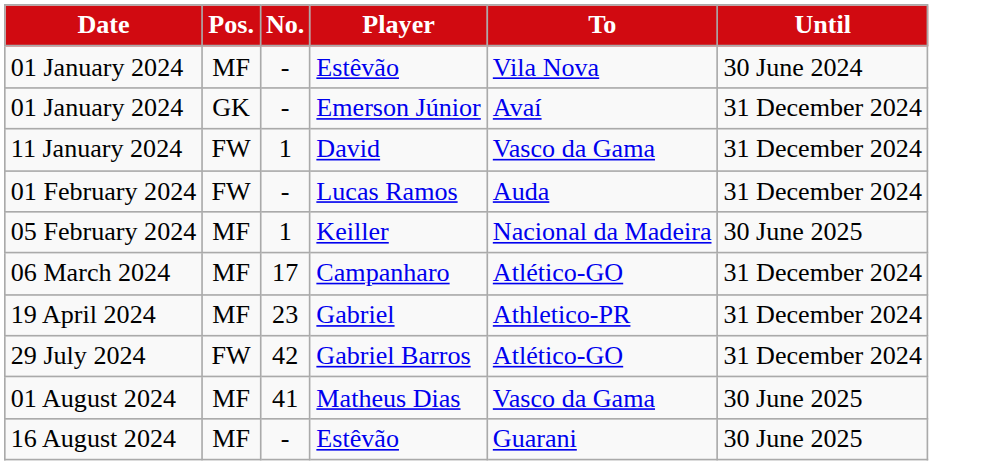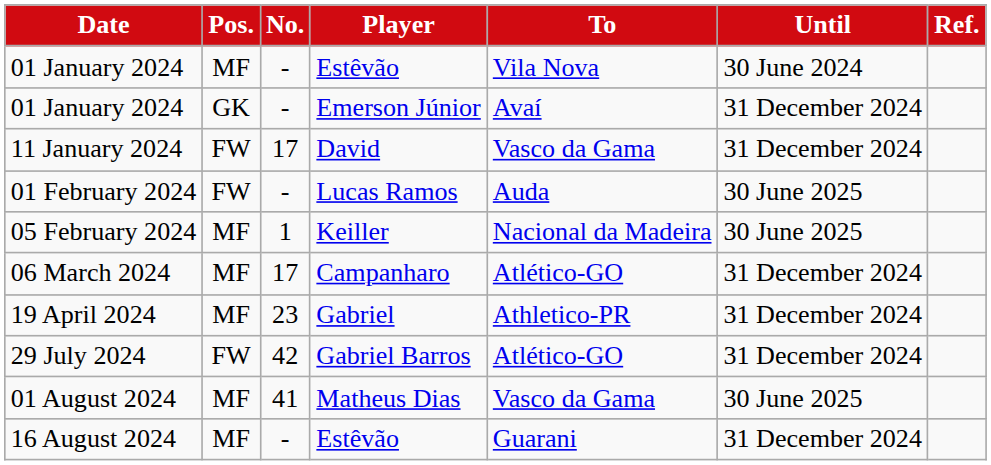 <table class="wikitable plainrowheaders sortable">
 <tr>
 <th style="background:#D10A11; color:#ffffff; ">Date</th>
 <th style="background:#D10A11; color:#ffffff; ">Pos.</th>
 <th style="background:#D10A11; color:#ffffff; ">No.</th>
 <th style="background:#D10A11; color:#ffffff; ">Player</th>
 <th style="background:#D10A11; color:#ffffff; ">To</th>
 <th style="background:#D10A11; color:#ffffff; ">Until</th>
+<th style="background:#D10A11; color:#ffffff; ">Ref.</th>
 </tr>
 <tr>
 <td>01 January 2024</td>
 <td style="text-align:center;">MF</td>
 <td style="text-align:center;">-</td>
 <td style="text-align:left;"> <a href='#'>Estêvão</a></td>
 <td style="text-align:left;"> <a href='#'>Vila Nova</a></td>
 <td>30 June 2024</td>
+<td></td>
 </tr>
 <tr>
 <td>01 January 2024</td>
 <td style="text-align:center;">GK</td>
 <td style="text-align:center;">-</td>
 <td> <a href='#'>Emerson Júnior</a></td>
 <td> <a href='#'>Avaí</a></td>
 <td>31 December 2024</td>
+<td></td>
 </tr>
 <tr>
 <td>11 January 2024</td>
 <td style="text-align:center;">FW</td>
-<td style="text-align:center;">1</td>
+<td style="text-align:center;">17</td>
 <td> <a href='#'>David</a></td>
 <td> <a href='#'>Vasco da Gama</a></td>
 <td>31 December 2024</td>
+<td></td>
 </tr>
 <tr>
 <td>01 February 2024</td>
 <td style="text-align:center;">FW</td>
 <td style="text-align:center;">-</td>
 <td> <a href='#'>Lucas Ramos</a></td>
 <td> <a href='#'>Auda</a></td>
-<td>31 December 2024</td>
+<td>30 June 2025</td>
+<td></td>
 </tr>
 <tr>
 <td>05 February 2024</td>
 <td style="text-align:center;">MF</td>
 <td style="text-align:center;">1</td>
 <td> <a href='#'>Keiller</a></td>
 <td> <a href='#'>Nacional da Madeira</a></td>
 <td>30 June 2025</td>
+<td></td>
 </tr>
 <tr>
 <td>06 March 2024</td>
 <td style="text-align:center;">MF</td>
 <td style="text-align:center;">17</td>
 <td> <a href='#'>Campanharo</a></td>
 <td> <a href='#'>Atlético-GO</a></td>
 <td>31 December 2024</td>
+<td></td>
 </tr>
 <tr>
 <td>19 April 2024</td>
 <td style="text-align:center;">MF</td>
 <td style="text-align:center;">23</td>
 <td> <a href='#'>Gabriel</a></td>
 <td> <a href='#'>Athletico-PR</a></td>
 <td>31 December 2024</td>
+<td></td>
 </tr>
 <tr>
 <td>29 July 2024</td>
 <td style="text-align:center;">FW</td>
 <td style="text-align:center;">42</td>
 <td> <a href='#'>Gabriel Barros</a></td>
 <td> <a href='#'>Atlético-GO</a></td>
 <td>31 December 2024</td>
+<td></td>
 </tr>
 <tr>
 <td>01 August 2024</td>
 <td style="text-align:center;">MF</td>
 <td style="text-align:center;">41</td>
 <td> <a href='#'>Matheus Dias</a></td>
 <td> <a href='#'>Vasco da Gama</a></td>
 <td>30 June 2025</td>
+<td></td>
 </tr>
 <tr>
 <td>16 August 2024</td>
 <td style="text-align:center;">MF</td>
 <td style="text-align:center;">-</td>
 <td> <a href='#'>Estêvão</a></td>
 <td> <a href='#'>Guarani</a></td>
-<td>30 June 2025</td>
+<td>31 December 2024</td>
+<td></td>
 </tr>
 </table>
